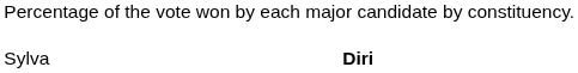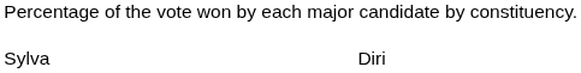 <table align=right>
 <tr>
 <td colspan=2>Percentage of the vote won by each major candidate by constituency.</td>
 </tr>
 <tr>
 <td><br>Sylva<br>  </td>
-<td><strong><br>Diri<br>  </strong></td>
+<td><br>Diri<br>  </td>
 </tr>
 </table>
